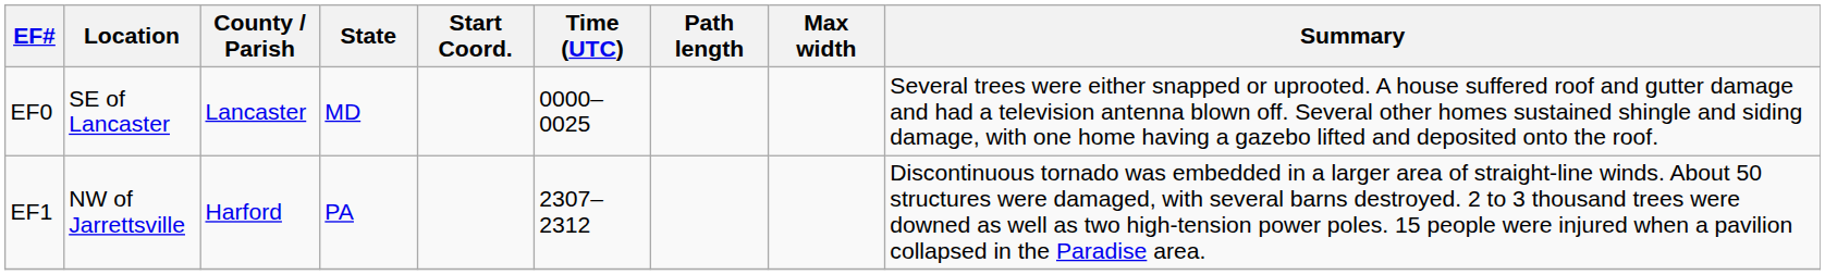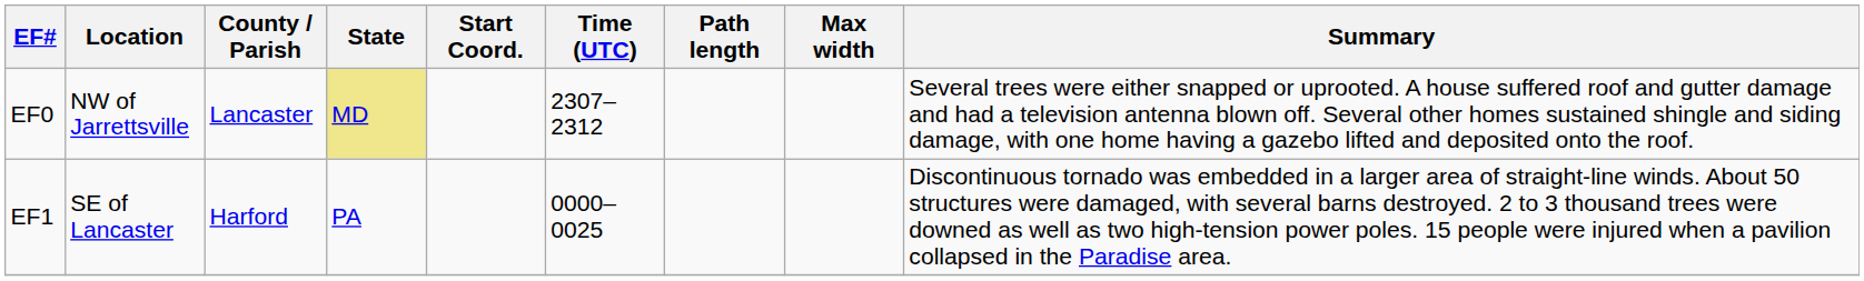 <table class="wikitable sortable" style="width:100%;">
 <tr>
 <th scope="col" width="3%" align="center"><a href='#'>EF#</a></th>
 <th scope="col" width="7%" align="center" class="unsortable">Location</th>
 <th scope="col" width="6%" align="center" class="unsortable">County / Parish</th>
 <th scope="col" width="5%" align="center">State</th>
 <th scope="col" width="6%" align="center">Start Coord.</th>
 <th scope="col" width="6%" align="center">Time (<a href='#'>UTC</a>)</th>
 <th scope="col" width="6%" align="center">Path length</th>
 <th scope="col" width="6%" align="center">Max width</th>
 <th scope="col" width="48%" class="unsortable" align="center">Summary</th>
 </tr>
 <tr>
 <td>EF0</td>
-<td>SE of <a href='#'>Lancaster</a></td>
+<td>NW of <a href='#'>Jarrettsville</a></td>
 <td><a href='#'>Lancaster</a></td>
-<td><a href='#'>MD</a></td>
+<td style="background: khaki;"><a href='#'>MD</a></td>
 <td></td>
-<td>0000–0025</td>
+<td>2307–2312</td>
 <td></td>
 <td></td>
 <td>Several trees were either snapped or uprooted. A house suffered roof and gutter damage and had a television antenna blown off. Several other homes sustained shingle and siding damage, with one home having a gazebo lifted and deposited onto the roof.</td>
 </tr>
 <tr>
 <td>EF1</td>
-<td>NW of <a href='#'>Jarrettsville</a></td>
+<td>SE of <a href='#'>Lancaster</a></td>
 <td><a href='#'>Harford</a></td>
 <td><a href='#'>PA</a></td>
 <td></td>
-<td>2307–2312</td>
+<td>0000–0025</td>
 <td></td>
 <td></td>
 <td>Discontinuous tornado was embedded in a larger area of straight-line winds. About 50 structures were damaged, with several barns destroyed. 2 to 3 thousand trees were downed as well as two high-tension power poles. 15 people were injured when a pavilion collapsed in the <a href='#'>Paradise</a> area.</td>
 </tr>
 <tr>
 </tr>
 </table>
